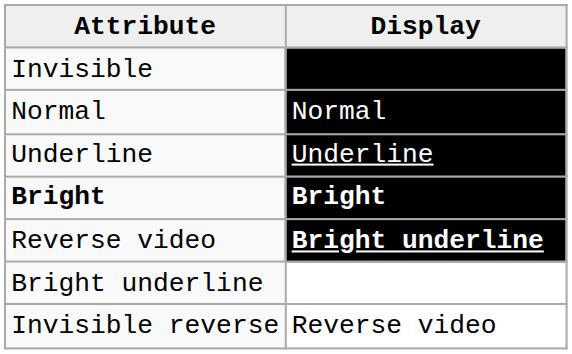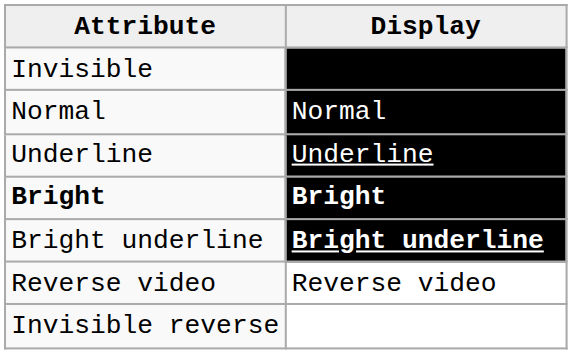 <table class="wikitable">
 <tr>
 <th style="background:#efefef;">Attribute</th>
 <th style="background:#efefef;">Display</th>
 </tr>
 <tr>
 <td>Invisible</td>
 <td style="color: black; background-color: black"><samp>Invisible</samp></td>
 </tr>
 <tr>
 <td>Normal</td>
 <td style="color: #ffffff; background-color: black"><samp>Normal</samp></td>
 </tr>
 <tr>
 <td>Underline</td>
 <td style="color: #ffffff; background-color: black"><samp><u>Underline</u></samp></td>
 </tr>
 <tr>
 <td><strong>Bright</strong></td>
 <td style="color: #ffffff; background-color: black"><samp><strong>Bright</strong></samp></td>
 </tr>
 <tr>
-<td>Reverse video</td>
+<td>Bright underline</td>
 <td style="color: #ffffff; background-color: black"><samp><strong><u>Bright underline</u></strong></samp></td>
 </tr>
 <tr>
-<td>Bright underline</td>
-<td style="color: #ffffff; background-color: #ffffff"><samp>Invisible reverse</samp></td>
+<td>Reverse video</td>
+<td style="color: black; background-color: #ffffff"><samp>Reverse video</samp></td>
 </tr>
 <tr>
 <td>Invisible reverse</td>
-<td style="color: black; background-color: #ffffff"><samp>Reverse video</samp></td>
+<td style="color: #ffffff; background-color: #ffffff"><samp>Invisible reverse</samp></td>
 </tr>
 </table>
